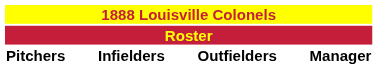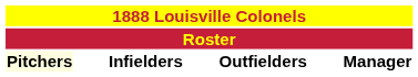 <table class="toccolours" style="font-size: 95%;">
 <tr>
 <th colspan="10" style="background-color: #FFFF00; color: #C41E3A; text-align: center;">1888 Louisville Colonels</th>
 </tr>
 <tr>
 <td colspan="10" style="background-color: #C41E3A; color: yellow; text-align: center;"><strong>Roster</strong></td>
 </tr>
 <tr>
-<td valign="top"><strong>Pitchers</strong><br>    </td>
+<td valign="top" style="background: lightyellow;"><strong>Pitchers</strong><br>    </td>
 <td width="25px"></td>
 <td valign="top"><strong>Infielders</strong><br>         </td>
 <td width="25px"></td>
 <td valign="top"><strong>Outfielders</strong><br>          </td>
 <td width="25px"></td>
 <td valign="top"><strong>Manager</strong><br>  </td>
 </tr>
 <tr>
 </tr>
 </table>
